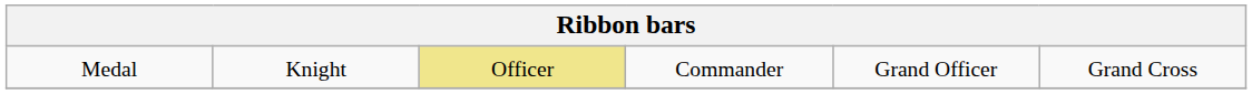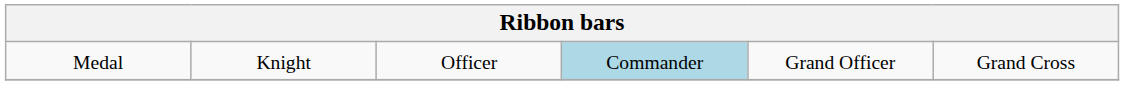 <table align=center class=wikitable width=60% style="margin:1em auto;">
 <tr>
 <th colspan=6 align="center"><strong>Ribbon bars</strong></th>
 </tr>
 <tr>
 <td width=15% valign=top align=center><small>Medal</small></td>
 <td width=15% valign=top align=center><small>Knight</small></td>
-<td width=15% valign=top align=center style="background: khaki;"><small>Officer</small></td>
-<td width=15% valign=top align=center><small>Commander</small></td>
+<td width=15% valign=top align=center><small>Officer</small></td>
+<td width=15% valign=top align=center style="background: lightblue;"><small>Commander</small></td>
 <td width=15% valign=top align=center><small>Grand Officer</small></td>
 <td width=15% valign=top align=center><small>Grand Cross</small></td>
 </tr>
 <tr>
 </tr>
 </table>
